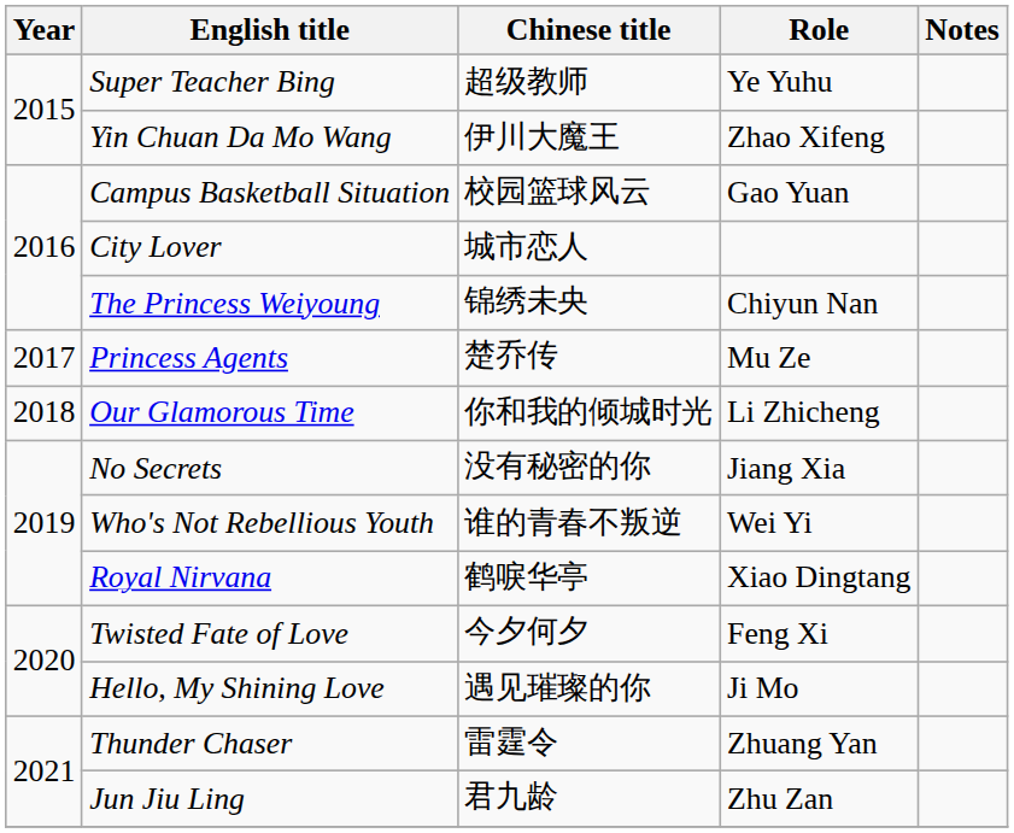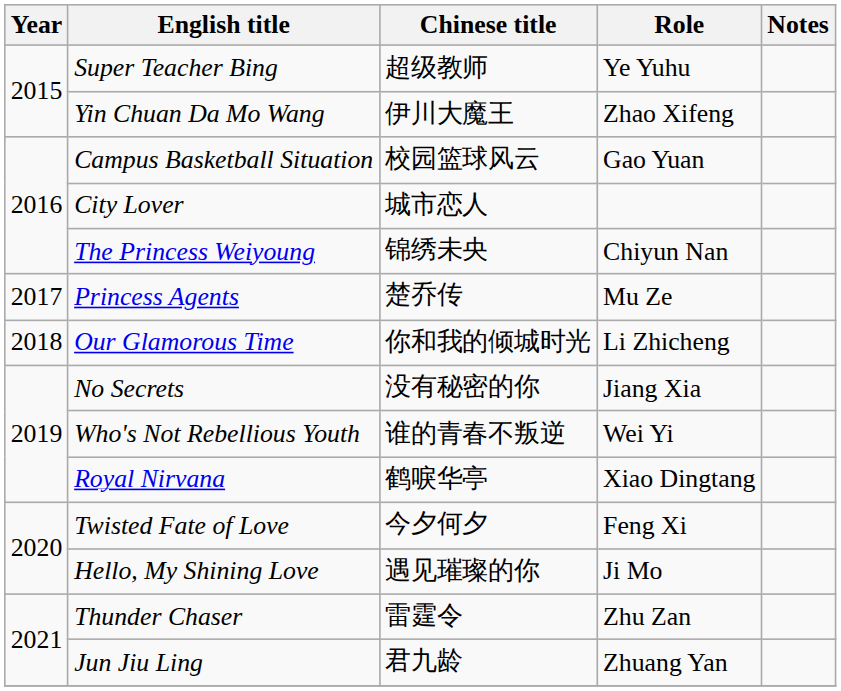 <table class="wikitable">
 <tr>
 <th>Year</th>
 <th>English title</th>
 <th>Chinese title</th>
 <th>Role</th>
 <th>Notes</th>
 </tr>
 <tr>
 <td rowspan=2>2015</td>
 <td><em>Super Teacher Bing</em></td>
 <td>超级教师</td>
 <td>Ye Yuhu</td>
 <td></td>
 </tr>
 <tr>
 <td><em>Yin Chuan Da Mo Wang</em></td>
 <td>伊川大魔王</td>
 <td>Zhao Xifeng</td>
 <td></td>
 </tr>
 <tr>
 <td rowspan=3>2016</td>
 <td><em>Campus Basketball Situation</em></td>
 <td>校园篮球风云</td>
 <td>Gao Yuan</td>
 <td></td>
 </tr>
 <tr>
 <td><em>City Lover</em></td>
 <td>城市恋人</td>
 <td></td>
 <td></td>
 </tr>
 <tr>
 <td><em><a href='#'>The Princess Weiyoung</a></em></td>
 <td>锦绣未央</td>
 <td>Chiyun Nan</td>
 <td></td>
 </tr>
 <tr>
 <td>2017</td>
 <td><em><a href='#'>Princess Agents</a></em></td>
 <td>楚乔传</td>
 <td>Mu Ze</td>
 <td></td>
 </tr>
 <tr>
 <td>2018</td>
 <td><em><a href='#'>Our Glamorous Time</a></em></td>
 <td>你和我的倾城时光</td>
 <td>Li Zhicheng</td>
 <td></td>
 </tr>
 <tr>
 <td rowspan=3>2019</td>
 <td><em>No Secrets</em></td>
 <td>没有秘密的你</td>
 <td>Jiang Xia</td>
 <td></td>
 </tr>
 <tr>
 <td><em>Who's Not Rebellious Youth</em></td>
 <td>谁的青春不叛逆</td>
 <td>Wei Yi</td>
 <td></td>
 </tr>
 <tr>
 <td><em><a href='#'>Royal Nirvana</a></em></td>
 <td>鹤唳华亭</td>
 <td>Xiao Dingtang</td>
 <td></td>
 </tr>
 <tr>
 <td rowspan=2>2020</td>
 <td><em>Twisted Fate of Love</em></td>
 <td>今夕何夕</td>
 <td>Feng Xi</td>
 <td></td>
 </tr>
 <tr>
 <td><em>Hello, My Shining Love</em></td>
 <td>遇见璀璨的你</td>
 <td>Ji Mo</td>
 <td></td>
 </tr>
 <tr>
 <td rowspan=2>2021</td>
 <td><em>Thunder Chaser</em></td>
 <td>雷霆令</td>
-<td>Zhuang Yan</td>
+<td>Zhu Zan</td>
 <td></td>
 </tr>
 <tr>
 <td><em>Jun Jiu Ling</em></td>
 <td>君九龄</td>
-<td>Zhu Zan</td>
+<td>Zhuang Yan</td>
 <td></td>
 </tr>
 <tr>
 </tr>
 </table>
